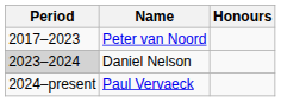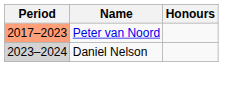 <table class="wikitable">
 <tr>
 <th>Period</th>
 <th>Name</th>
 <th>Honours</th>
 </tr>
 <tr>
-<td>2017–2023</td>
+<td style="background: lightsalmon;">2017–2023</td>
 <td> <a href='#'>Peter van Noord</a></td>
 <td></td>
 </tr>
 <tr>
 <td style="background: lightgrey;">2023–2024</td>
 <td> Daniel Nelson</td>
 <td></td>
 </tr>
-<tr>
-<td>2024–present</td>
-<td> <a href='#'>Paul Vervaeck</a></td>
-<td></td>
-</tr>
 </table>
